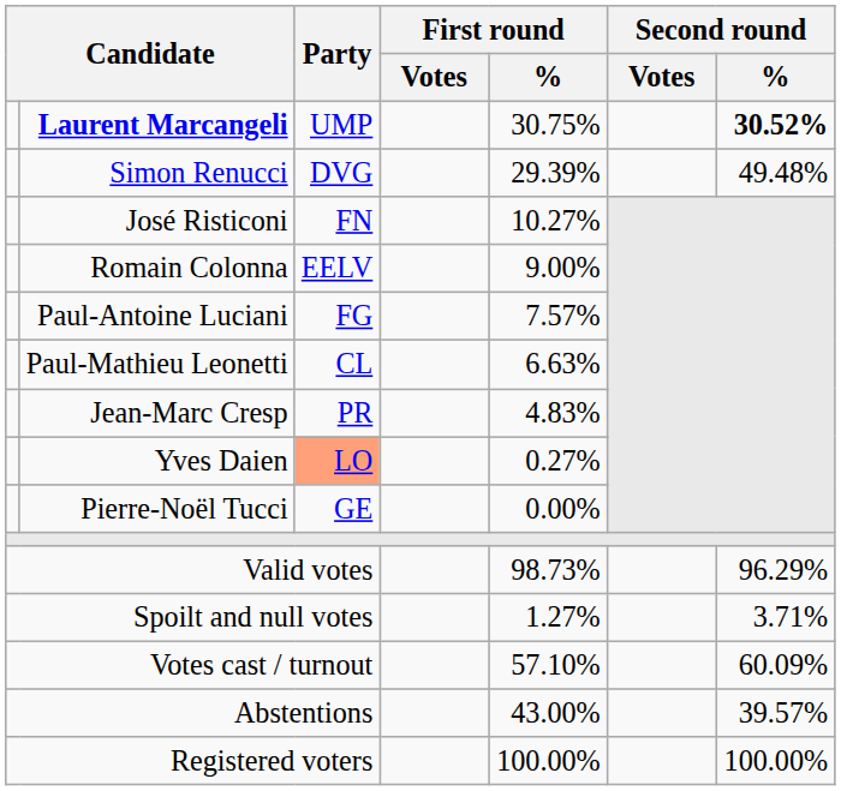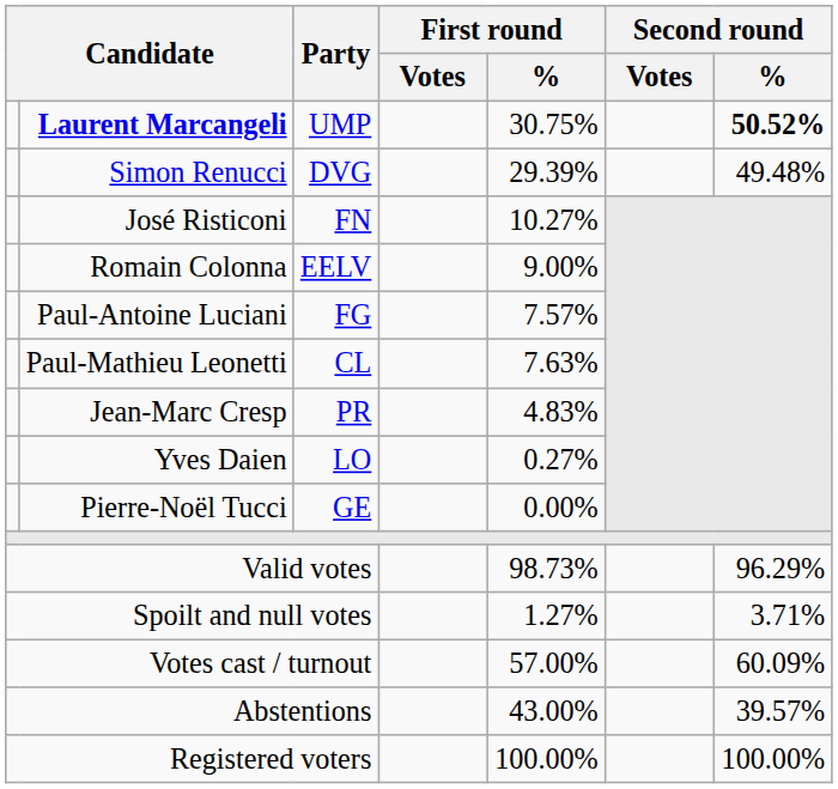 <table class="wikitable" style="text-align:right;font-size:95%;">
 <tr>
 <th rowspan=2 colspan=2>Candidate</th>
 <th rowspan=2 colspan=1>Party</th>
 <th colspan=2>First round</th>
 <th colspan=2>Second round</th>
 </tr>
 <tr>
 <th style="width:50px;">Votes</th>
 <th style="width:55px;">%</th>
 <th style="width:50px;">Votes</th>
 <th style="width:55px;">%</th>
 </tr>
 <tr>
 <td style="color:inherit;background-color:"></td>
 <td><strong><a href='#'>Laurent Marcangeli</a></strong></td>
 <td><a href='#'>UMP</a></td>
 <td></td>
 <td>30.75%</td>
 <td><strong></strong></td>
-<td><strong>30.52%</strong></td>
+<td><strong>50.52%</strong></td>
 </tr>
 <tr>
 <td style="color:inherit;background-color:"></td>
 <td><a href='#'>Simon Renucci</a></td>
 <td><a href='#'>DVG</a> </td>
 <td></td>
 <td>29.39%</td>
 <td></td>
 <td>49.48%</td>
 </tr>
 <tr>
 <td style="color:inherit;background-color:"></td>
 <td>José Risticoni</td>
 <td><a href='#'>FN</a></td>
 <td></td>
 <td>10.27%</td>
 <td colspan=7 rowspan=7 style="background-color:#E9E9E9;"></td>
 </tr>
 <tr>
 <td style="color:inherit;background-color:"></td>
 <td>Romain Colonna</td>
 <td><a href='#'>EELV</a></td>
 <td></td>
 <td>9.00%</td>
 </tr>
 <tr>
 <td style="color:inherit;background-color:"></td>
 <td>Paul-Antoine Luciani</td>
 <td><a href='#'>FG</a></td>
 <td></td>
 <td>7.57%</td>
 </tr>
 <tr>
 <td style="color:inherit;background-color:"></td>
 <td>Paul-Mathieu Leonetti</td>
 <td><a href='#'>CL</a></td>
 <td></td>
-<td>6.63%</td>
+<td>7.63%</td>
 </tr>
 <tr>
 <td style="color:inherit;background-color:"></td>
 <td>Jean-Marc Cresp</td>
 <td><a href='#'>PR</a></td>
 <td></td>
 <td>4.83%</td>
 </tr>
 <tr>
 <td style="color:inherit;background-color:"></td>
 <td>Yves Daien</td>
-<td style="background: lightsalmon;"><a href='#'>LO</a></td>
+<td><a href='#'>LO</a></td>
 <td></td>
 <td>0.27%</td>
 </tr>
 <tr>
 <td style="color:inherit;background-color:"></td>
 <td>Pierre-Noël Tucci</td>
 <td><a href='#'>GE</a></td>
 <td></td>
 <td>0.00%</td>
 </tr>
 <tr>
 <td colspan=7 style="background-color:#E9E9E9;"></td>
 </tr>
 <tr>
 <td colspan=3>Valid votes</td>
 <td></td>
 <td>98.73%</td>
 <td></td>
 <td>96.29%</td>
 </tr>
 <tr>
 <td colspan=3>Spoilt and null votes</td>
 <td></td>
 <td>1.27%</td>
 <td></td>
 <td>3.71%</td>
 </tr>
 <tr>
 <td colspan=3>Votes cast / turnout</td>
 <td></td>
-<td>57.10%</td>
+<td>57.00%</td>
 <td></td>
 <td>60.09%</td>
 </tr>
 <tr>
 <td colspan=3>Abstentions</td>
 <td></td>
 <td>43.00%</td>
 <td></td>
 <td>39.57%</td>
 </tr>
 <tr>
 <td colspan=3>Registered voters</td>
 <td></td>
 <td>100.00%</td>
 <td></td>
 <td>100.00%</td>
 </tr>
 </table>
